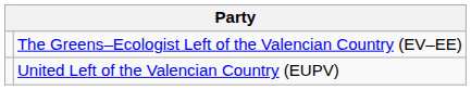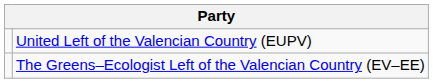 <table class="wikitable" style="text-align:left; font-size:97%;">
 <tr>
 <th colspan="2">Party</th>
 </tr>
 <tr>
+<td width="1"></td>
+<td><a href='#'>United Left of the Valencian Country</a> (EUPV)</td>
+</tr>
+<tr>
 <td></td>
 <td><a href='#'>The Greens–Ecologist Left of the Valencian Country</a> (EV–EE)</td>
 </tr>
-<tr>
-<td width="1"></td>
-<td><a href='#'>United Left of the Valencian Country</a> (EUPV)</td>
-</tr>
 </table>
